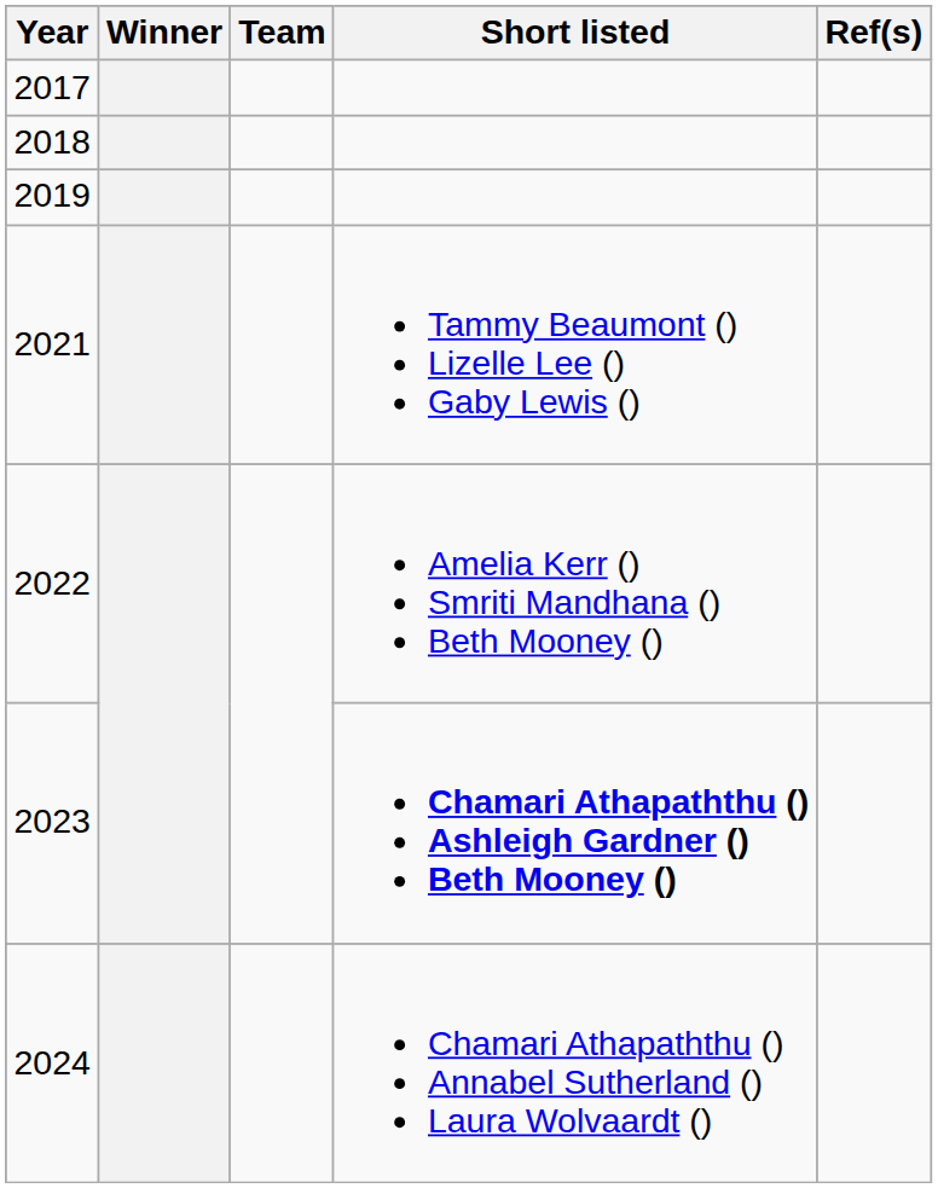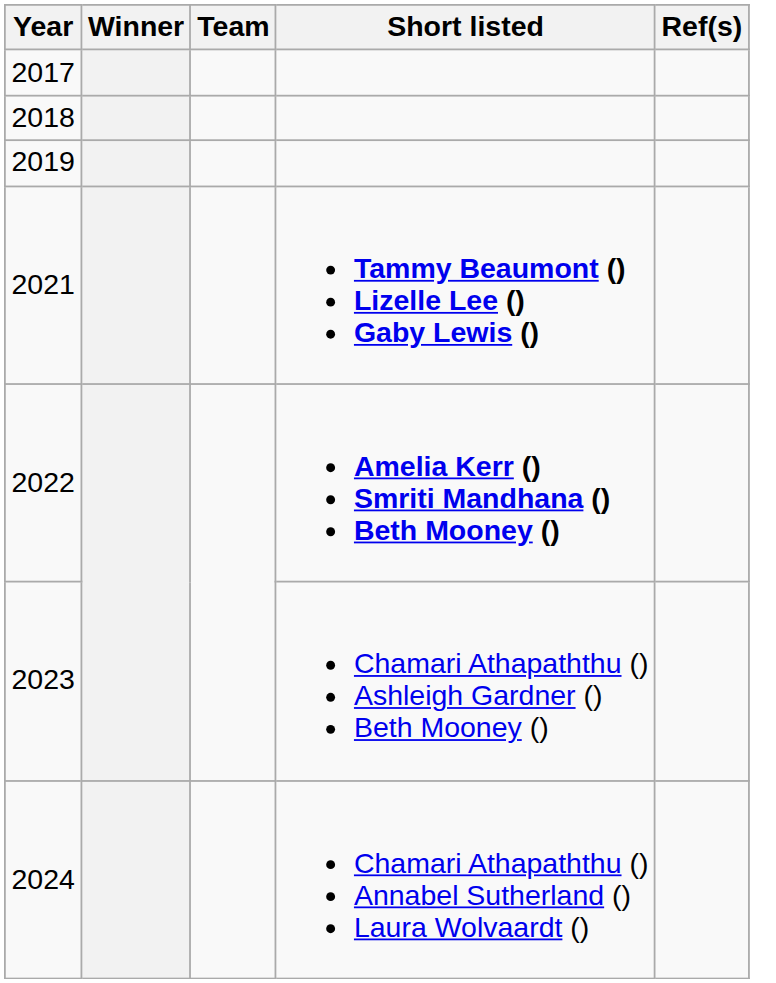 <table class="wikitable sortable plainrowheaders">
 <tr>
 <th>Year</th>
 <th>Winner</th>
 <th>Team</th>
 <th class="unsortable">Short listed</th>
 <th class="unsortable">Ref(s)</th>
 </tr>
 <tr>
 <td>2017</td>
 <th scope="row"></th>
 <td></td>
 <td></td>
 <td></td>
 </tr>
 <tr>
 <td>2018</td>
 <th scope="row"></th>
 <td></td>
 <td></td>
 <td></td>
 </tr>
 <tr>
 <td>2019</td>
 <th scope="row"></th>
 <td></td>
 <td></td>
 <td></td>
 </tr>
 <tr>
 <td>2021</td>
 <th scope="row"></th>
 <td></td>
-<td><br><ul><li><a href='#'>Tammy Beaumont</a> ()</li><li><a href='#'>Lizelle Lee</a> ()</li><li><a href='#'>Gaby Lewis</a> ()</li></ul></td>
+<td><strong><br><ul><li><a href='#'>Tammy Beaumont</a> ()</li><li><a href='#'>Lizelle Lee</a> ()</li><li><a href='#'>Gaby Lewis</a> ()</li></ul></strong></td>
 <td></td>
 </tr>
 <tr>
 <td>2022</td>
 <th scope="row" rowspan=2></th>
 <td rowspan=2></td>
-<td><br><ul><li><a href='#'>Amelia Kerr</a> ()</li><li><a href='#'>Smriti Mandhana</a> ()</li><li><a href='#'>Beth Mooney</a> ()</li></ul></td>
+<td><strong><br><ul><li><a href='#'>Amelia Kerr</a> ()</li><li><a href='#'>Smriti Mandhana</a> ()</li><li><a href='#'>Beth Mooney</a> ()</li></ul></strong></td>
 <td></td>
 </tr>
 <tr>
 <td>2023</td>
-<td><strong><br><ul><li><a href='#'>Chamari Athapaththu</a> ()</li><li><a href='#'>Ashleigh Gardner</a> ()</li><li><a href='#'>Beth Mooney</a> ()</li></ul></strong></td>
+<td><br><ul><li><a href='#'>Chamari Athapaththu</a> ()</li><li><a href='#'>Ashleigh Gardner</a> ()</li><li><a href='#'>Beth Mooney</a> ()</li></ul></td>
 <td></td>
 </tr>
 <tr>
 <td>2024</td>
 <th scope="row"></th>
 <td></td>
 <td><br><ul><li><a href='#'>Chamari Athapaththu</a> ()</li><li><a href='#'>Annabel Sutherland</a> ()</li><li><a href='#'>Laura Wolvaardt</a> ()</li></ul></td>
 <td></td>
 </tr>
 </table>
